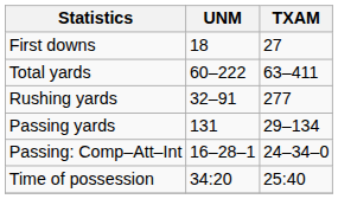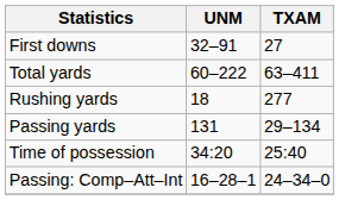 <table class="wikitable" style="float: left;">
 <tr>
 <th>Statistics</th>
 <th>UNM</th>
 <th>TXAM</th>
 </tr>
 <tr>
 <td>First downs</td>
-<td>18</td>
+<td>32–91</td>
 <td>27</td>
 </tr>
 <tr>
 <td>Total yards</td>
 <td>60–222</td>
 <td>63–411</td>
 </tr>
 <tr>
 <td>Rushing yards</td>
-<td>32–91</td>
+<td>18</td>
 <td>277</td>
 </tr>
 <tr>
 <td>Passing yards</td>
 <td>131</td>
 <td>29–134</td>
 </tr>
 <tr>
+<td>Time of possession</td>
+<td>34:20</td>
+<td>25:40</td>
+</tr>
+<tr>
 <td>Passing: Comp–Att–Int</td>
 <td>16–28–1</td>
 <td>24–34–0</td>
 </tr>
 <tr>
-<td>Time of possession</td>
-<td>34:20</td>
-<td>25:40</td>
-</tr>
-<tr>
 </tr>
 </table>
